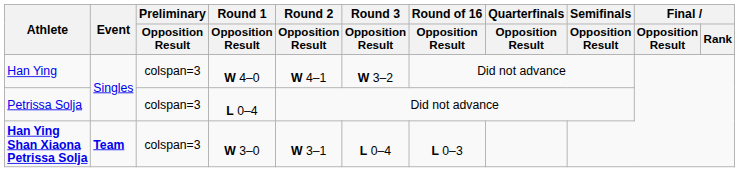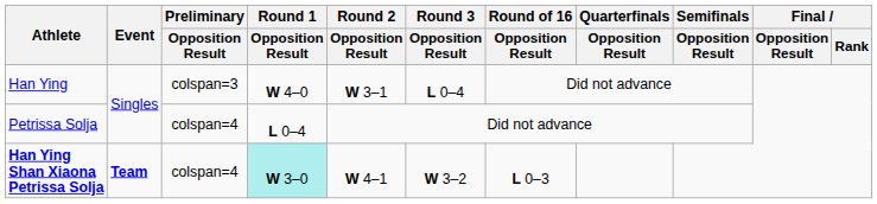 <table class="wikitable" style="font-size:90%;">
 <tr>
 <th rowspan=2>Athlete</th>
 <th rowspan=2>Event</th>
 <th>Preliminary</th>
 <th>Round 1</th>
 <th>Round 2</th>
 <th>Round 3</th>
 <th>Round of 16</th>
 <th>Quarterfinals</th>
 <th>Semifinals</th>
 <th colspan=2>Final / </th>
 </tr>
 <tr style="font-size:95%">
 <th>Opposition<br>Result</th>
 <th>Opposition<br>Result</th>
 <th>Opposition<br>Result</th>
 <th>Opposition<br>Result</th>
 <th>Opposition<br>Result</th>
 <th>Opposition<br>Result</th>
 <th>Opposition<br>Result</th>
 <th>Opposition<br>Result</th>
 <th>Rank</th>
 </tr>
 <tr align=center>
 <td align=left><a href='#'>Han Ying</a></td>
 <td align=left rowspan=2><a href='#'>Singles</a></td>
 <td>colspan=3 </td>
 <td><br><strong>W</strong> 4–0</td>
-<td><br><strong>W</strong> 4–1</td>
-<td><br><strong>W</strong> 3–2</td>
+<td><br><strong>W</strong> 3–1</td>
+<td><br><strong>L</strong> 0–4</td>
 <td colspan=3>Did not advance</td>
 </tr>
 <tr align=center>
 <td align=left><a href='#'>Petrissa Solja</a></td>
-<td>colspan=3 </td>
+<td>colspan=4 </td>
 <td><br><strong>L</strong> 0–4</td>
 <td colspan=5>Did not advance</td>
 </tr>
 <tr align=center>
 <td align=left><strong><a href='#'>Han Ying</a><br><a href='#'>Shan Xiaona</a><br><a href='#'>Petrissa Solja</a></strong></td>
 <td align=left><strong><a href='#'>Team</a></strong></td>
-<td>colspan=3 </td>
-<td><br><strong>W</strong> 3–0</td>
-<td><br><strong>W</strong> 3–1</td>
-<td><br><strong>L</strong> 0–4</td>
+<td>colspan=4 </td>
+<td style="background: paleturquoise;"><br><strong>W</strong> 3–0</td>
+<td><br><strong>W</strong> 4–1</td>
+<td><br><strong>W</strong> 3–2</td>
 <td><br><strong>L</strong> 0–3</td>
 <td></td>
 </tr>
 </table>
